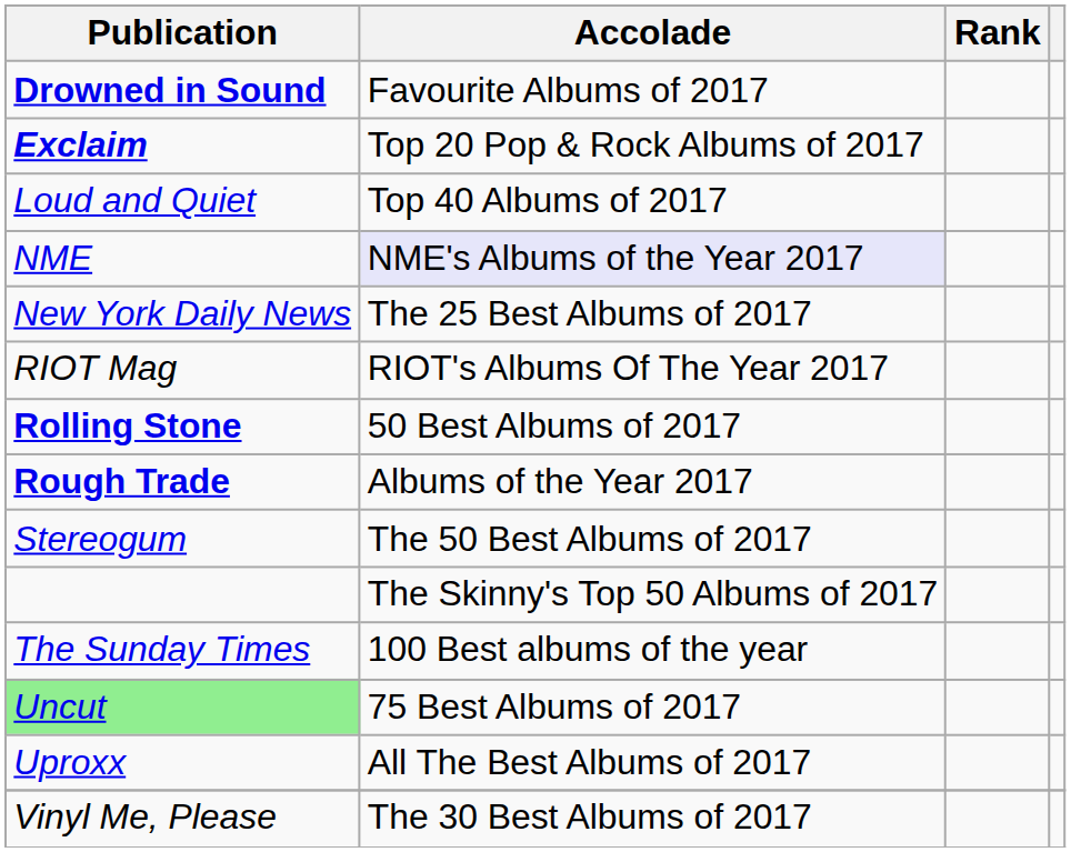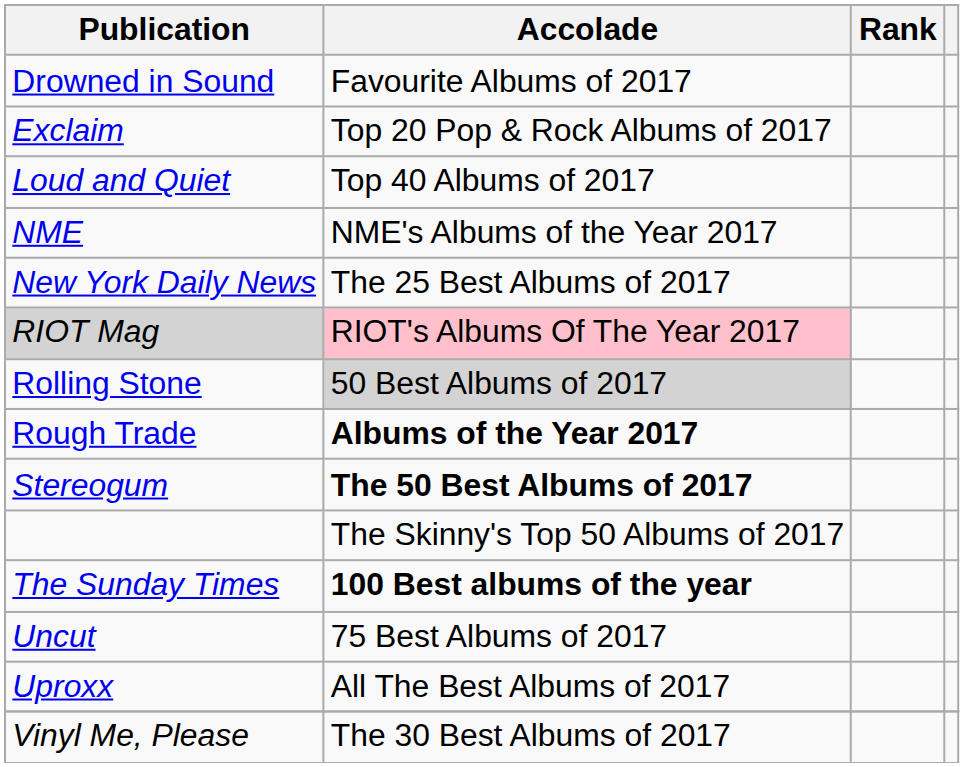 <table class="sortable wikitable">
 <tr>
 <th>Publication</th>
 <th>Accolade</th>
 <th>Rank</th>
 <th class="unsortable"></th>
 </tr>
 <tr>
-<td><strong><a href='#'>Drowned in Sound</a></strong></td>
+<td><a href='#'>Drowned in Sound</a></td>
 <td>Favourite Albums of 2017</td>
 <td></td>
 <td></td>
 </tr>
 <tr>
-<td><strong><em><a href='#'>Exclaim</a></em></strong></td>
+<td><em><a href='#'>Exclaim</a></em></td>
 <td>Top 20 Pop & Rock Albums of 2017</td>
 <td></td>
 <td></td>
 </tr>
 <tr>
 <td><em><a href='#'>Loud and Quiet</a></em></td>
 <td>Top 40 Albums of 2017</td>
 <td></td>
 <td></td>
 </tr>
 <tr>
 <td><em><a href='#'>NME</a></em></td>
-<td style="background: lavender;">NME's Albums of the Year 2017</td>
+<td>NME's Albums of the Year 2017</td>
 <td></td>
 <td></td>
 </tr>
 <tr>
 <td><em><a href='#'>New York Daily News</a></em></td>
 <td>The 25 Best Albums of 2017</td>
 <td></td>
 <td></td>
 </tr>
 <tr>
-<td><em>RIOT Mag</em></td>
-<td>RIOT's Albums Of The Year 2017</td>
+<td style="background: lightgrey;"><em>RIOT Mag</em></td>
+<td style="background: pink;">RIOT's Albums Of The Year 2017</td>
 <td></td>
 <td></td>
 </tr>
 <tr>
-<td><strong><a href='#'>Rolling Stone</a></strong></td>
-<td>50 Best Albums of 2017</td>
+<td><a href='#'>Rolling Stone</a></td>
+<td style="background: lightgrey;">50 Best Albums of 2017</td>
 <td></td>
 <td></td>
 </tr>
 <tr>
-<td><strong><a href='#'>Rough Trade</a></strong></td>
-<td>Albums of the Year 2017</td>
+<td><a href='#'>Rough Trade</a></td>
+<td><strong>Albums of the Year 2017</strong></td>
 <td></td>
 <td></td>
 </tr>
 <tr>
 <td><em><a href='#'>Stereogum</a></em></td>
-<td>The 50 Best Albums of 2017</td>
+<td><strong>The 50 Best Albums of 2017</strong></td>
 <td></td>
 <td></td>
 </tr>
 <tr>
 <td><em></em></td>
 <td>The Skinny's Top 50 Albums of 2017</td>
 <td></td>
 <td></td>
 </tr>
 <tr>
 <td><em><a href='#'>The Sunday Times</a></em></td>
-<td>100 Best albums of the year</td>
+<td><strong>100 Best albums of the year</strong></td>
 <td></td>
 <td></td>
 </tr>
 <tr>
-<td style="background: lightgreen;"><em><a href='#'>Uncut</a></em></td>
+<td><em><a href='#'>Uncut</a></em></td>
 <td>75 Best Albums of 2017</td>
 <td></td>
 <td></td>
 </tr>
 <tr>
 <td><em><a href='#'>Uproxx</a></em></td>
 <td>All The Best Albums of 2017</td>
 <td></td>
 <td></td>
 </tr>
 <tr>
 </tr>
 <tr>
 <td><em>Vinyl Me, Please</em></td>
 <td>The 30 Best Albums of 2017</td>
 <td></td>
 <td></td>
 </tr>
 <tr>
 </tr>
 </table>
